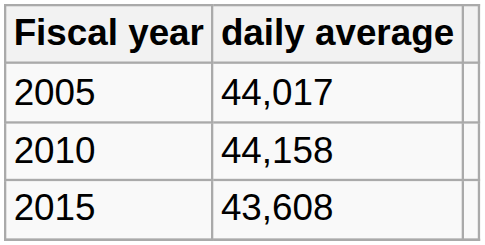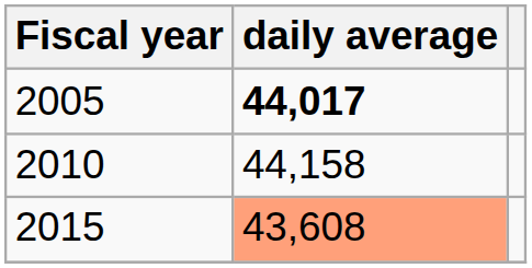 <table class="wikitable">
 <tr>
 <th>Fiscal year</th>
 <th>daily average</th>
 <th></th>
 </tr>
 <tr>
 <td>2005</td>
-<td>44,017</td>
+<td><strong>44,017</strong></td>
 <td></td>
 </tr>
 <tr>
 <td>2010</td>
 <td>44,158</td>
 <td></td>
 </tr>
 <tr>
 <td>2015</td>
-<td>43,608</td>
+<td style="background: lightsalmon;">43,608</td>
 <td></td>
 </tr>
 <tr>
 </tr>
 </table>
